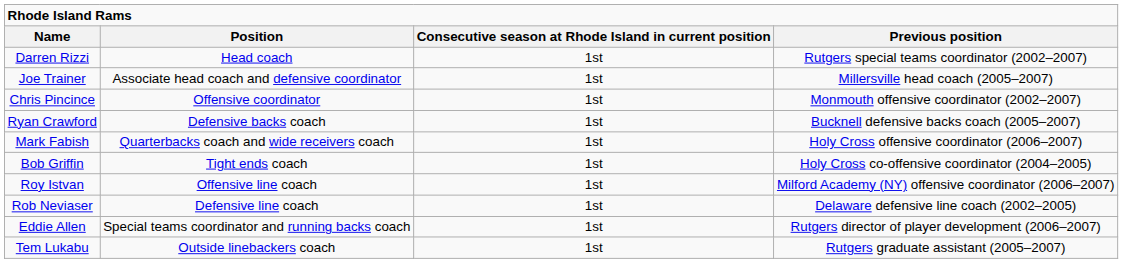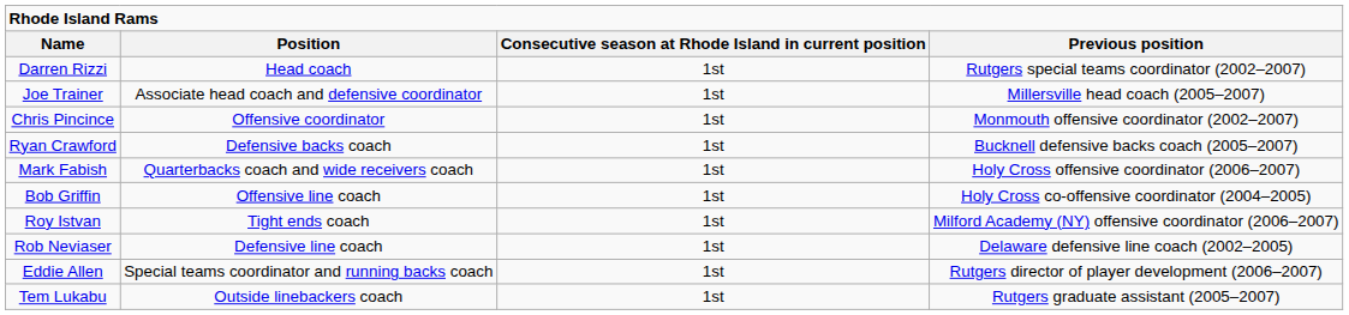 <table class="wikitable" style="font-size:90%;">
 <tr>
 <td colspan=5><strong>Rhode Island Rams</strong></td>
 </tr>
 <tr align="center";>
 <th>Name</th>
 <th>Position</th>
 <th>Consecutive season at Rhode Island in current position</th>
 <th>Previous position</th>
 </tr>
 <tr align="center";>
 <td><a href='#'>Darren Rizzi</a></td>
 <td><a href='#'>Head coach</a></td>
 <td>1st</td>
 <td><a href='#'>Rutgers</a> special teams coordinator (2002–2007)</td>
 </tr>
 <tr align="center" ;>
 <td><a href='#'>Joe Trainer</a></td>
 <td>Associate head coach and <a href='#'>defensive coordinator</a></td>
 <td>1st</td>
 <td><a href='#'>Millersville</a> head coach (2005–2007)</td>
 </tr>
 <tr align="center" ;>
 <td><a href='#'>Chris Pincince</a></td>
 <td><a href='#'>Offensive coordinator</a></td>
 <td>1st</td>
 <td><a href='#'>Monmouth</a> offensive coordinator (2002–2007)</td>
 </tr>
 <tr align="center" ;>
 <td><a href='#'>Ryan Crawford</a></td>
 <td><a href='#'>Defensive backs</a> coach</td>
 <td>1st</td>
 <td><a href='#'>Bucknell</a> defensive backs coach (2005–2007)</td>
 </tr>
 <tr align="center" ;>
 <td><a href='#'>Mark Fabish</a></td>
 <td><a href='#'>Quarterbacks</a> coach and <a href='#'>wide receivers</a> coach</td>
 <td>1st</td>
 <td><a href='#'>Holy Cross</a> offensive coordinator (2006–2007)</td>
 </tr>
 <tr align="center" ;>
 <td><a href='#'>Bob Griffin</a></td>
-<td><a href='#'>Tight ends</a> coach</td>
+<td><a href='#'>Offensive line</a> coach</td>
 <td>1st</td>
 <td><a href='#'>Holy Cross</a> co-offensive coordinator (2004–2005)</td>
 </tr>
 <tr align="center" ;>
 <td><a href='#'>Roy Istvan</a></td>
-<td><a href='#'>Offensive line</a> coach</td>
+<td><a href='#'>Tight ends</a> coach</td>
 <td>1st</td>
 <td><a href='#'>Milford Academy (NY)</a> offensive coordinator (2006–2007)</td>
 </tr>
 <tr align="center" ;>
 <td><a href='#'>Rob Neviaser</a></td>
 <td><a href='#'>Defensive line</a> coach</td>
 <td>1st</td>
 <td><a href='#'>Delaware</a> defensive line coach (2002–2005)</td>
 </tr>
 <tr align="center" ;>
 <td><a href='#'>Eddie Allen</a></td>
 <td>Special teams coordinator and <a href='#'>running backs</a> coach</td>
 <td>1st</td>
 <td><a href='#'>Rutgers</a> director of player development (2006–2007)</td>
 </tr>
 <tr align="center" ;>
 <td><a href='#'>Tem Lukabu</a></td>
 <td><a href='#'>Outside linebackers</a> coach</td>
 <td>1st</td>
 <td><a href='#'>Rutgers</a> graduate assistant (2005–2007)</td>
 </tr>
 </table>
